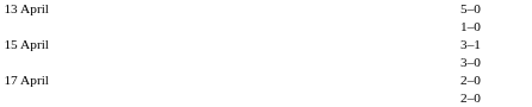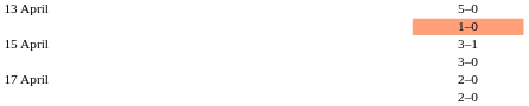 <table cellspacing=1 width=70%>
 <tr>
 <th width=25%></th>
 <th width=30%></th>
 <th width=15%></th>
 <th width=30%></th>
 </tr>
 <tr>
 <td>13 April</td>
 <td align=right></td>
 <td align=center>5–0</td>
 <td></td>
 </tr>
 <tr>
 <td></td>
 <td align=right></td>
-<td align=center>1–0</td>
+<td align=center style="background: lightsalmon;">1–0</td>
 <td></td>
 </tr>
 <tr>
 <td>15 April</td>
 <td align=right></td>
 <td align=center>3–1</td>
 <td></td>
 </tr>
 <tr>
 <td></td>
 <td align=right></td>
 <td align=center>3–0</td>
 <td></td>
 </tr>
 <tr>
 <td>17 April</td>
 <td align=right></td>
 <td align=center>2–0</td>
 <td></td>
 </tr>
 <tr>
 <td></td>
 <td align=right></td>
 <td align=center>2–0</td>
 <td></td>
 </tr>
 </table>
